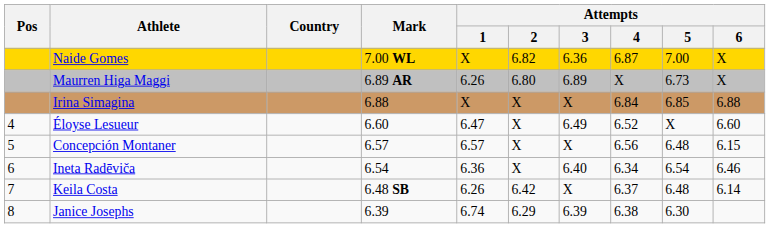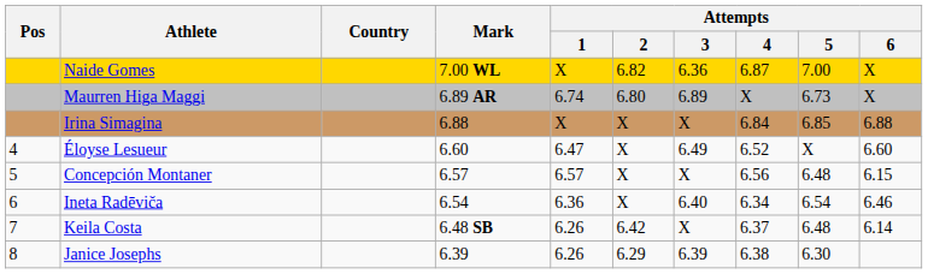 <table class="wikitable" width=70%>
 <tr>
 <th rowspan=2>Pos</th>
 <th rowspan=2>Athlete</th>
 <th rowspan=2>Country</th>
 <th rowspan=2>Mark</th>
 <th colspan=6>Attempts</th>
 </tr>
 <tr>
 <th>1</th>
 <th>2</th>
 <th>3</th>
 <th>4</th>
 <th>5</th>
 <th>6</th>
 </tr>
 <tr bgcolor=gold>
 <td></td>
 <td><a href='#'>Naide Gomes</a></td>
 <td></td>
 <td>7.00 <strong>WL</strong></td>
 <td>X</td>
 <td>6.82</td>
 <td>6.36</td>
 <td>6.87</td>
 <td>7.00</td>
 <td>X</td>
 </tr>
 <tr bgcolor=silver>
 <td></td>
 <td><a href='#'>Maurren Higa Maggi</a></td>
 <td></td>
 <td>6.89 <strong>AR</strong></td>
-<td>6.26</td>
+<td>6.74</td>
 <td>6.80</td>
 <td>6.89</td>
 <td>X</td>
 <td>6.73</td>
 <td>X</td>
 </tr>
 <tr bgcolor=cc9966>
 <td></td>
 <td><a href='#'>Irina Simagina</a></td>
 <td></td>
 <td>6.88</td>
 <td>X</td>
 <td>X</td>
 <td>X</td>
 <td>6.84</td>
 <td>6.85</td>
 <td>6.88</td>
 </tr>
 <tr>
 <td>4</td>
 <td><a href='#'>Éloyse Lesueur</a></td>
 <td></td>
 <td>6.60</td>
 <td>6.47</td>
 <td>X</td>
 <td>6.49</td>
 <td>6.52</td>
 <td>X</td>
 <td>6.60</td>
 </tr>
 <tr>
 <td>5</td>
 <td><a href='#'>Concepción Montaner</a></td>
 <td></td>
 <td>6.57</td>
 <td>6.57</td>
 <td>X</td>
 <td>X</td>
 <td>6.56</td>
 <td>6.48</td>
 <td>6.15</td>
 </tr>
 <tr>
 <td>6</td>
 <td><a href='#'>Ineta Radēviča</a></td>
 <td></td>
 <td>6.54</td>
 <td>6.36</td>
 <td>X</td>
 <td>6.40</td>
 <td>6.34</td>
 <td>6.54</td>
 <td>6.46</td>
 </tr>
 <tr>
 <td>7</td>
 <td><a href='#'>Keila Costa</a></td>
 <td></td>
 <td>6.48 <strong>SB</strong></td>
 <td>6.26</td>
 <td>6.42</td>
 <td>X</td>
 <td>6.37</td>
 <td>6.48</td>
 <td>6.14</td>
 </tr>
 <tr>
 <td>8</td>
 <td><a href='#'>Janice Josephs</a></td>
 <td></td>
 <td>6.39</td>
-<td>6.74</td>
+<td>6.26</td>
 <td>6.29</td>
 <td>6.39</td>
 <td>6.38</td>
 <td>6.30</td>
 </tr>
 </table>
